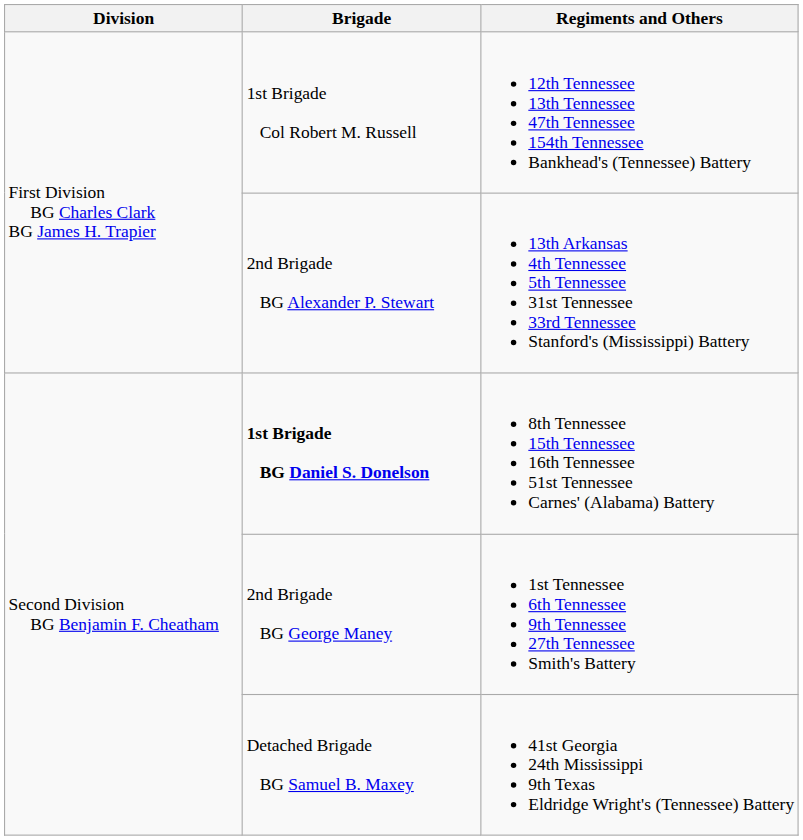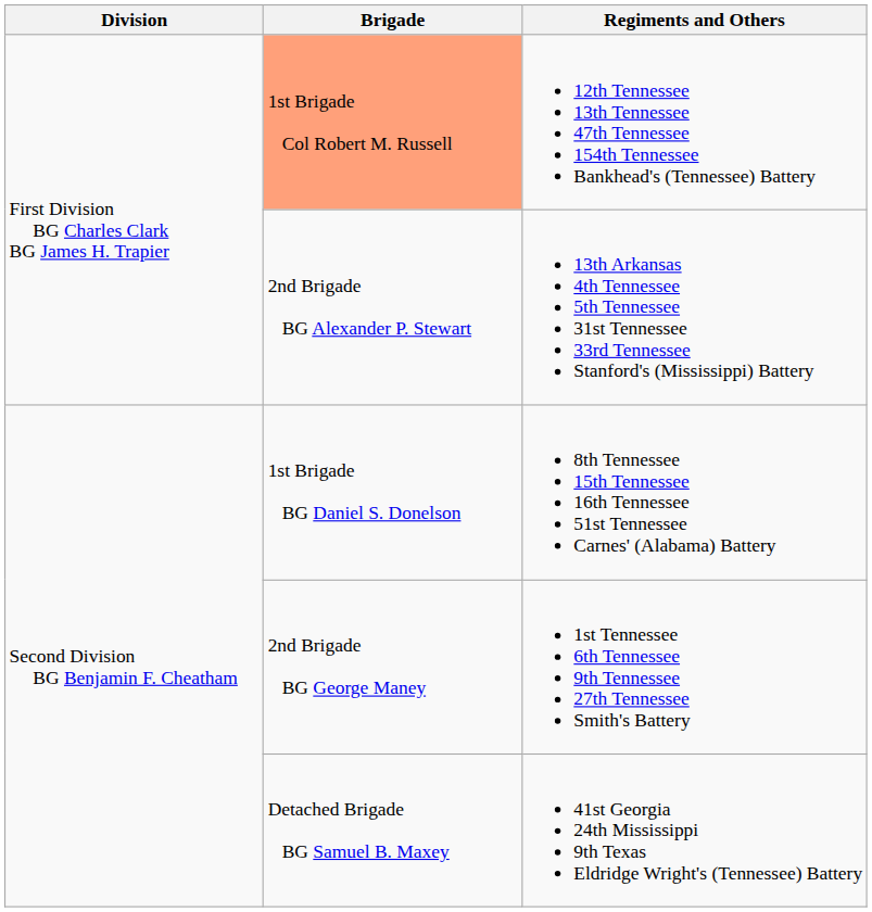 <table class="wikitable">
 <tr>
 <th width=30%>Division</th>
 <th width=30%>Brigade</th>
 <th>Regiments and Others</th>
 </tr>
 <tr>
 <td rowspan=2><br>First Division <br>     BG <a href='#'>Charles Clark</a><br>BG <a href='#'>James H. Trapier</a></td>
-<td>1st Brigade<br><br>   Col Robert M. Russell</td>
+<td style="background: lightsalmon;">1st Brigade<br><br>   Col Robert M. Russell</td>
 <td><br><ul><li><a href='#'>12th Tennessee</a></li><li><a href='#'>13th Tennessee</a></li><li><a href='#'>47th Tennessee</a></li><li><a href='#'>154th Tennessee</a></li><li>Bankhead's (Tennessee) Battery</li></ul></td>
 </tr>
 <tr>
 <td>2nd Brigade<br><br>   BG <a href='#'>Alexander P. Stewart</a></td>
 <td><br><ul><li><a href='#'>13th Arkansas</a></li><li><a href='#'>4th Tennessee</a></li><li><a href='#'>5th Tennessee</a></li><li>31st Tennessee</li><li><a href='#'>33rd Tennessee</a></li><li>Stanford's (Mississippi) Battery</li></ul></td>
 </tr>
 <tr>
 <td rowspan=3><br>Second Division <br>     BG <a href='#'>Benjamin F. Cheatham</a></td>
-<td><strong>1st Brigade<br><br>   BG <a href='#'>Daniel S. Donelson</a></strong></td>
+<td>1st Brigade<br><br>   BG <a href='#'>Daniel S. Donelson</a></td>
 <td><br><ul><li>8th Tennessee</li><li><a href='#'>15th Tennessee</a></li><li>16th Tennessee</li><li>51st Tennessee</li><li>Carnes' (Alabama) Battery</li></ul></td>
 </tr>
 <tr>
 <td>2nd Brigade<br><br>   BG <a href='#'>George Maney</a></td>
 <td><br><ul><li>1st Tennessee</li><li><a href='#'>6th Tennessee</a></li><li><a href='#'>9th Tennessee</a></li><li><a href='#'>27th Tennessee</a></li><li>Smith's Battery</li></ul></td>
 </tr>
 <tr>
 <td>Detached Brigade<br><br>   BG <a href='#'>Samuel B. Maxey</a></td>
 <td><br><ul><li>41st Georgia</li><li>24th Mississippi</li><li>9th Texas</li><li>Eldridge Wright's (Tennessee) Battery</li></ul></td>
 </tr>
 </table>
